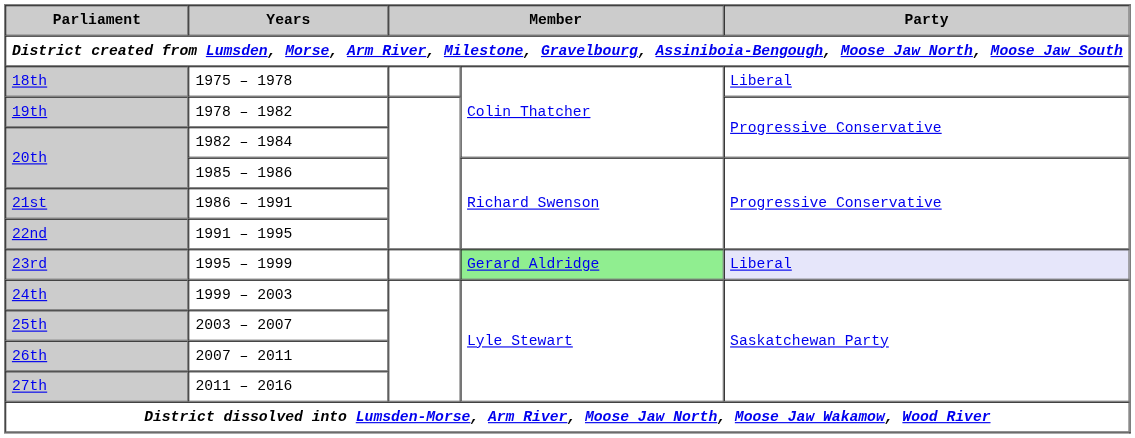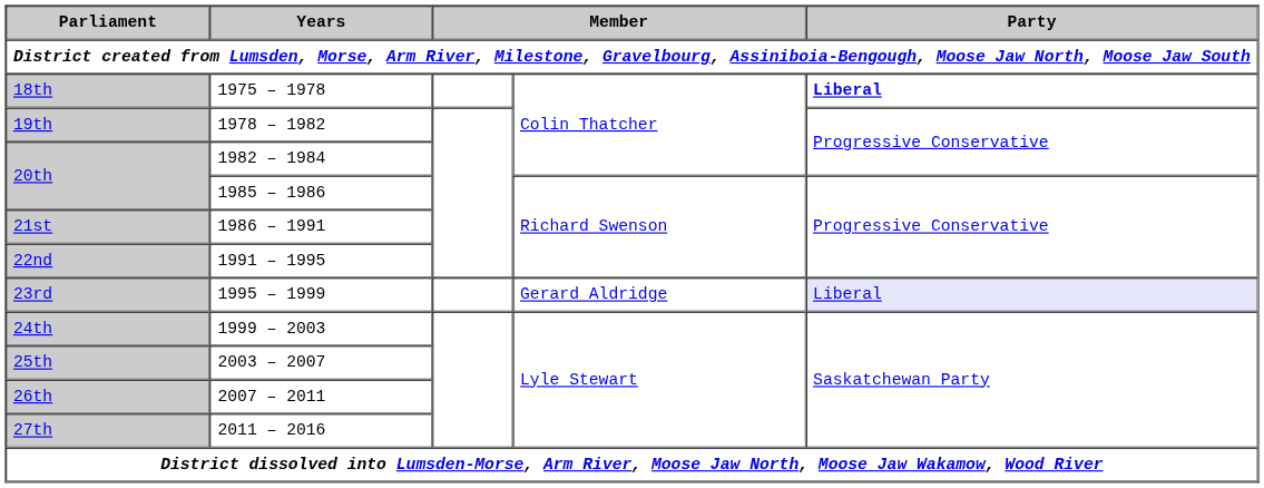 <table border=1 cellpadding=5 cellspacing=0>
 <tr bgcolor="CCCCCC">
 <th>Parliament</th>
 <th>Years</th>
 <th colspan="2">Member</th>
 <th>Party</th>
 </tr>
 <tr>
 <td colspan="5" align="center"><strong><em>District created from <a href='#'>Lumsden</a>, <a href='#'>Morse</a>, <a href='#'>Arm River</a>, <a href='#'>Milestone</a>, <a href='#'>Gravelbourg</a>, <a href='#'>Assiniboia-Bengough</a>, <a href='#'>Moose Jaw North</a>, <a href='#'>Moose Jaw South</a></em></strong></td>
 </tr>
 <tr>
 <td bgcolor="CCCCCC"><a href='#'>18th</a></td>
 <td>1975 – 1978</td>
 <td>   </td>
 <td rowspan="3"><a href='#'>Colin Thatcher</a></td>
-<td><a href='#'>Liberal</a></td>
+<td><strong><a href='#'>Liberal</a></strong></td>
 </tr>
 <tr>
 <td bgcolor="CCCCCC"><a href='#'>19th</a></td>
 <td>1978 – 1982</td>
 <td rowspan="5" >   </td>
 <td rowspan="2"><a href='#'>Progressive Conservative</a></td>
 </tr>
 <tr>
 <td bgcolor="CCCCCC" rowspan="2"><a href='#'>20th</a></td>
 <td>1982 – 1984</td>
 </tr>
 <tr>
 <td>1985 – 1986</td>
 <td rowspan="3"><a href='#'>Richard Swenson</a></td>
 <td rowspan="3"><a href='#'>Progressive Conservative</a></td>
 </tr>
 <tr>
 <td bgcolor="CCCCCC"><a href='#'>21st</a></td>
 <td>1986 – 1991</td>
 </tr>
 <tr>
 <td bgcolor="CCCCCC"><a href='#'>22nd</a></td>
 <td>1991 – 1995</td>
 </tr>
 <tr>
 <td bgcolor="CCCCCC"><a href='#'>23rd</a></td>
 <td>1995 – 1999</td>
 <td>   </td>
-<td style="background: lightgreen;"><a href='#'>Gerard Aldridge</a></td>
+<td><a href='#'>Gerard Aldridge</a></td>
 <td style="background: lavender;"><a href='#'>Liberal</a></td>
 </tr>
 <tr>
 <td bgcolor="CCCCCC"><a href='#'>24th</a></td>
 <td>1999 – 2003</td>
 <td rowspan="4" >   </td>
 <td rowspan="4"><a href='#'>Lyle Stewart</a></td>
 <td rowspan="4"><a href='#'>Saskatchewan Party</a></td>
 </tr>
 <tr>
 <td bgcolor="CCCCCC"><a href='#'>25th</a></td>
 <td>2003 – 2007</td>
 </tr>
 <tr>
 <td bgcolor="CCCCCC"><a href='#'>26th</a></td>
 <td>2007 – 2011</td>
 </tr>
 <tr>
 <td bgcolor="CCCCCC"><a href='#'>27th</a></td>
 <td>2011 – 2016</td>
 </tr>
 <tr>
 <td colspan="5" align="center"><strong><em>District dissolved into <a href='#'>Lumsden-Morse</a>, <a href='#'>Arm River</a>, <a href='#'>Moose Jaw North</a>, <a href='#'>Moose Jaw Wakamow</a>, <a href='#'>Wood River</a></em></strong></td>
 </tr>
 <tr>
 </tr>
 </table>
